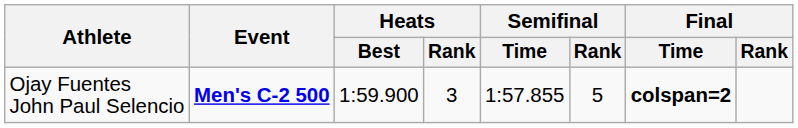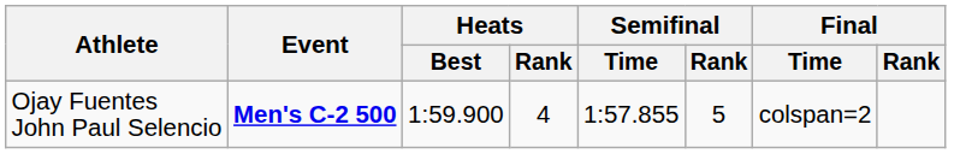 <table class=wikitable style=font-size:90%;text-align:center>
 <tr>
 <th rowspan=2>Athlete</th>
 <th rowspan=2>Event</th>
 <th colspan=2>Heats</th>
 <th colspan=2>Semifinal</th>
 <th colspan=2>Final</th>
 </tr>
 <tr style="font-size:95%">
 <th>Best</th>
 <th>Rank</th>
 <th>Time</th>
 <th>Rank</th>
 <th>Time</th>
 <th>Rank</th>
 </tr>
 <tr>
 <td align=left>Ojay Fuentes<br>John Paul Selencio</td>
 <td align=left><strong><a href='#'>Men's C-2 500</a></strong></td>
 <td>1:59.900</td>
-<td>3 <strong></strong></td>
+<td>4 <strong></strong></td>
 <td>1:57.855</td>
 <td>5</td>
-<td><strong>colspan=2 </strong></td>
+<td>colspan=2 </td>
 </tr>
 </table>
